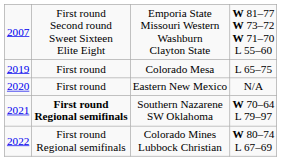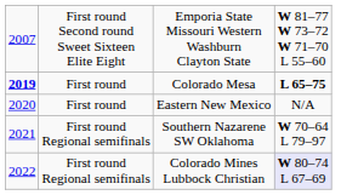 <table class="wikitable">
 <tr align="center">
 <td><a href='#'>2007</a></td>
 <td>First round<br>Second round<br>Sweet Sixteen<br>Elite Eight</td>
 <td>Emporia State<br>Missouri Western<br>Washburn<br>Clayton State</td>
 <td><strong>W</strong> 81–77<br><strong>W</strong> 73–72<br><strong>W</strong> 71–70<br>L 55–60</td>
 </tr>
 <tr align="center">
-<td><a href='#'>2019</a></td>
+<td><strong><a href='#'>2019</a></strong></td>
 <td>First round</td>
 <td>Colorado Mesa</td>
-<td>L 65–75</td>
+<td><strong>L 65–75</strong></td>
 </tr>
 <tr align="center">
 <td><a href='#'>2020</a></td>
 <td>First round</td>
 <td>Eastern New Mexico</td>
 <td>N/A</td>
 </tr>
 <tr align="center">
 <td><a href='#'>2021</a></td>
-<td><strong>First round<br>Regional semifinals</strong></td>
+<td>First round<br>Regional semifinals</td>
 <td>Southern Nazarene<br>SW Oklahoma</td>
 <td><strong>W</strong> 70–64<br>L 79–97</td>
 </tr>
 <tr align="center">
 <td><a href='#'>2022</a></td>
 <td>First round<br>Regional semifinals</td>
 <td>Colorado Mines<br>Lubbock Christian</td>
-<td><strong>W</strong> 80–74<br>L 67–69</td>
+<td style="background: lavender;"><strong>W</strong> 80–74<br>L 67–69</td>
 </tr>
 </table>
